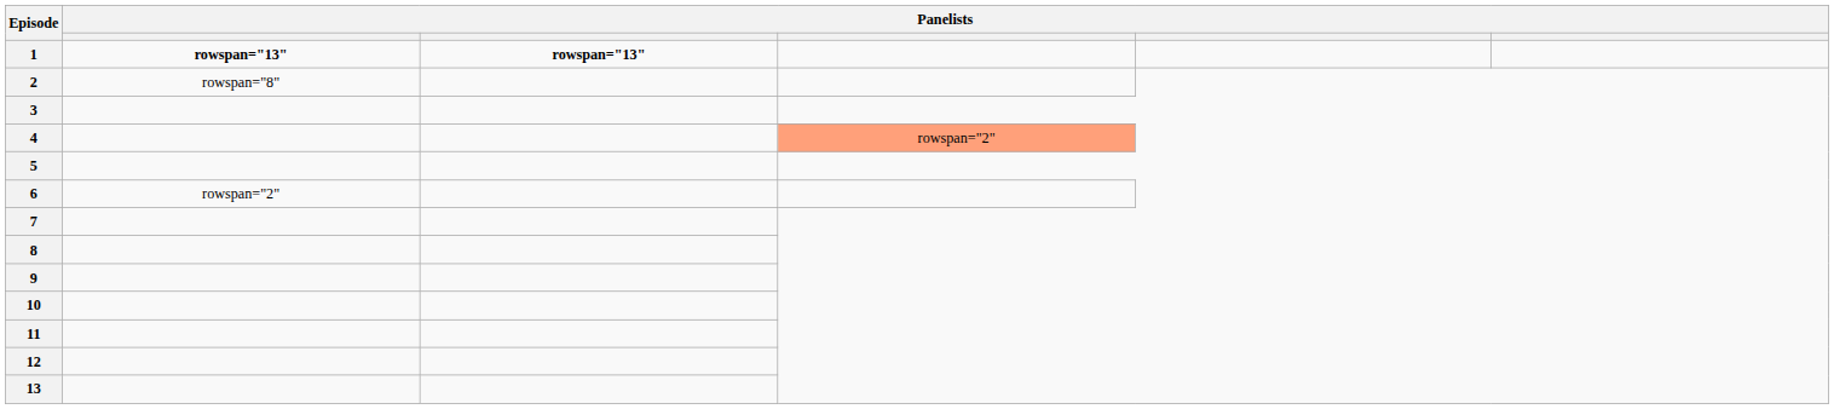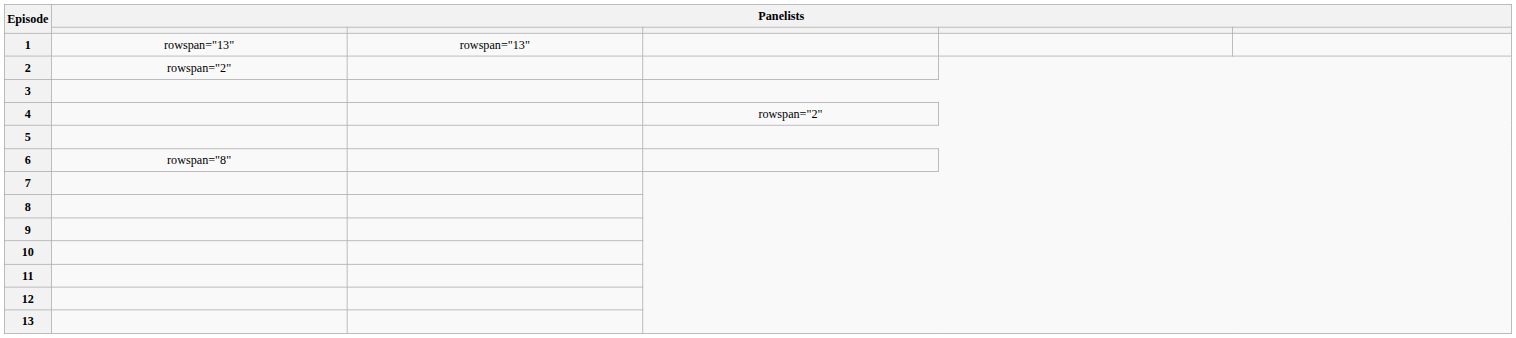 <table class="wikitable plainrowheaders mw-collapsible" style="text-align:center; line-height:23px; width:100%;">
 <tr>
 <th rowspan="2" width="1%">Episode</th>
 <th colspan="5">Panelists</th>
 </tr>
 <tr>
 <th width="20%"></th>
 <th width="20%"></th>
 <th width="20%"></th>
 <th width="20%"></th>
 <th width="20%"></th>
 </tr>
 <tr>
 <th>1</th>
-<td><strong>rowspan="13" </strong></td>
-<td><strong>rowspan="13" </strong></td>
+<td>rowspan="13" </td>
+<td>rowspan="13" </td>
 <td></td>
 <td></td>
 <td></td>
 </tr>
 <tr>
 <th>2</th>
-<td>rowspan="8" </td>
+<td>rowspan="2" </td>
 <td></td>
 <td></td>
 </tr>
 <tr>
 <th>3</th>
 <td></td>
 <td></td>
 </tr>
 <tr>
 <th>4</th>
 <td></td>
 <td></td>
-<td style="background: lightsalmon;">rowspan="2" </td>
+<td>rowspan="2" </td>
 </tr>
 <tr>
 <th>5</th>
 <td></td>
 <td></td>
 </tr>
 <tr>
 <th>6</th>
-<td>rowspan="2" </td>
+<td>rowspan="8" </td>
 <td></td>
 <td></td>
 </tr>
 <tr>
 <th>7</th>
 <td></td>
 <td></td>
 </tr>
 <tr>
 <th>8</th>
 <td></td>
 <td></td>
 </tr>
 <tr>
 <th>9</th>
 <td></td>
 <td></td>
 </tr>
 <tr>
 <th>10</th>
 <td></td>
 <td></td>
 </tr>
 <tr>
 <th>11</th>
 <td></td>
 <td></td>
 </tr>
 <tr>
 <th>12</th>
 <td></td>
 <td></td>
 </tr>
 <tr>
 <th>13</th>
 <td></td>
 <td></td>
 </tr>
 </table>
